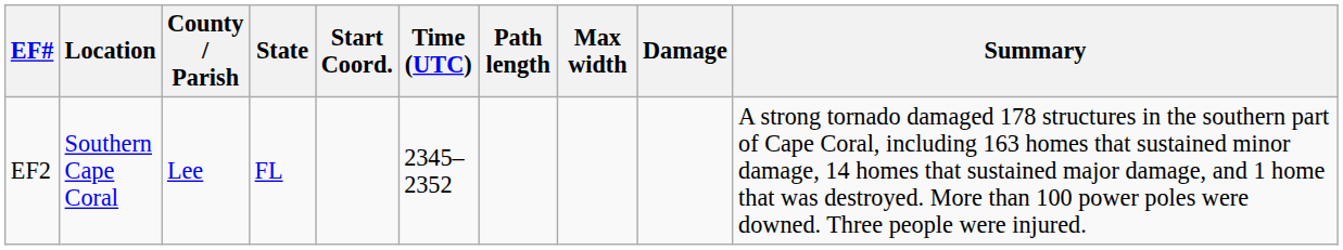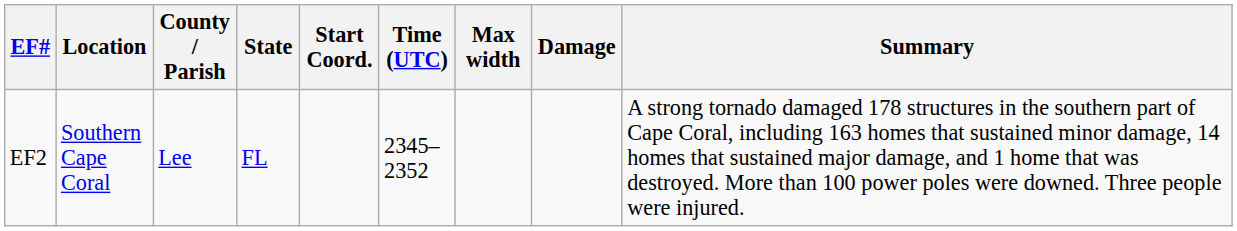 <table class="wikitable sortable" style="width:100%;">
 <tr>
 <th scope="col"  style="width:3%; text-align:center;"><a href='#'>EF#</a></th>
 <th scope="col"  style="width:7%; text-align:center;" class="unsortable">Location</th>
 <th scope="col"  style="width:6%; text-align:center;" class="unsortable">County / Parish</th>
 <th scope="col"  style="width:5%; text-align:center;">State</th>
 <th scope="col"  style="width:6%; text-align:center;">Start Coord.</th>
 <th scope="col"  style="width:6%; text-align:center;">Time (<a href='#'>UTC</a>)</th>
-<th scope="col"  style="width:6%; text-align:center;">Path length</th>
 <th scope="col"  style="width:6%; text-align:center;">Max width</th>
 <th scope="col"  style="width:6%; text-align:center;">Damage</th>
 <th scope="col" class="unsortable" style="width:48%; text-align:center;">Summary</th>
 </tr>
 <tr>
 <td>EF2</td>
 <td><a href='#'>Southern Cape Coral</a></td>
 <td><a href='#'>Lee</a></td>
 <td><a href='#'>FL</a></td>
 <td></td>
 <td>2345–2352</td>
 <td></td>
 <td></td>
-<td></td>
 <td>A strong tornado damaged 178 structures in the southern part of Cape Coral, including 163 homes that sustained minor damage, 14 homes that sustained major damage, and 1 home that was destroyed. More than 100 power poles were downed. Three people were injured.</td>
 </tr>
 </table>
